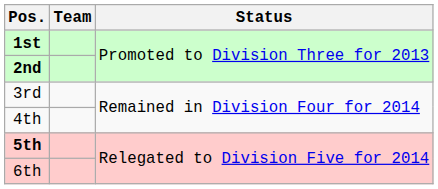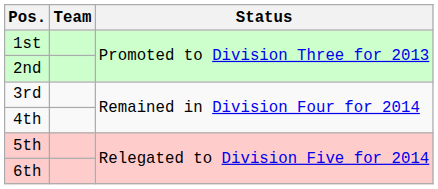 <table class="wikitable">
 <tr>
 <th>Pos.</th>
 <th>Team</th>
 <th>Status</th>
 </tr>
 <tr style="background:#cfc">
-<td align="center"><strong>1st</strong></td>
+<td align="center">1st</td>
 <td></td>
 <td rowspan=2>Promoted to <a href='#'>Division Three for 2013</a></td>
 </tr>
 <tr style="background:#cfc">
-<td align="center"><strong>2nd</strong></td>
+<td align="center">2nd</td>
 <td></td>
 </tr>
 <tr>
 <td align="center">3rd</td>
 <td></td>
 <td rowspan=2>Remained in <a href='#'>Division Four for 2014</a></td>
 </tr>
 <tr>
 <td align="center">4th</td>
 <td></td>
 </tr>
 <tr style="background:#fcc">
-<td align="center"><strong>5th</strong></td>
+<td align="center">5th</td>
 <td></td>
 <td rowspan=2>Relegated to <a href='#'>Division Five for 2014</a></td>
 </tr>
 <tr style="background:#fcc">
 <td align="center">6th</td>
 <td></td>
 </tr>
 </table>
